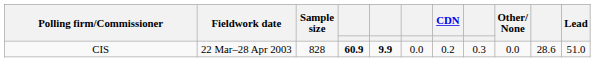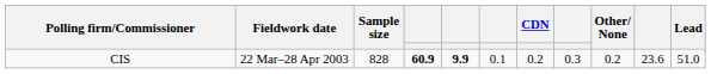 <table class="wikitable collapsible collapsed" style="text-align:center; font-size:90%; line-height:14px;">
 <tr style="height:42px;">
 <th style="width:250px;" rowspan="2">Polling firm/Commissioner</th>
 <th style="width:125px;" rowspan="2">Fieldwork date</th>
 <th style="width:50px;" rowspan="2">Sample size</th>
 <th style="width:35px;"></th>
 <th style="width:35px;"></th>
 <th style="width:35px;"></th>
 <th style="width:35px;"><a href='#'>CDN</a></th>
 <th style="width:35px;"></th>
 <th style="width:35px;" rowspan="2">Other/<br>None</th>
 <th style="width:35px;" rowspan="2"></th>
 <th style="width:30px;" rowspan="2">Lead</th>
 </tr>
 <tr>
 <th style="color:inherit;background:"></th>
 <th style="color:inherit;background:"></th>
 <th style="color:inherit;background:"></th>
 <th style="color:inherit;background:"></th>
 <th style="color:inherit;background:"></th>
 </tr>
 <tr>
 <td>CIS</td>
 <td>22 Mar–28 Apr 2003</td>
 <td>828</td>
 <td><strong>60.9</strong></td>
 <td><strong>9.9</strong></td>
-<td>0.0</td>
+<td>0.1</td>
 <td>0.2</td>
 <td>0.3</td>
-<td>0.0</td>
-<td>28.6</td>
+<td>0.2</td>
+<td>23.6</td>
 <td style="background:">51.0</td>
 </tr>
 </table>
